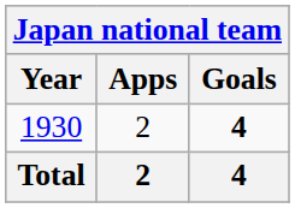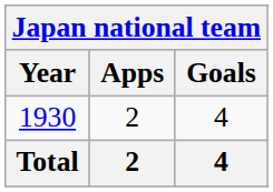 <table class="wikitable" style="text-align:center">
 <tr>
 <th colspan=3><a href='#'>Japan national team</a></th>
 </tr>
 <tr>
 <th>Year</th>
 <th>Apps</th>
 <th>Goals</th>
 </tr>
 <tr>
 <td><a href='#'>1930</a></td>
 <td>2</td>
-<td><strong>4</strong></td>
+<td>4</td>
 </tr>
 <tr>
 <th>Total</th>
 <th>2</th>
 <th>4</th>
 </tr>
 </table>
